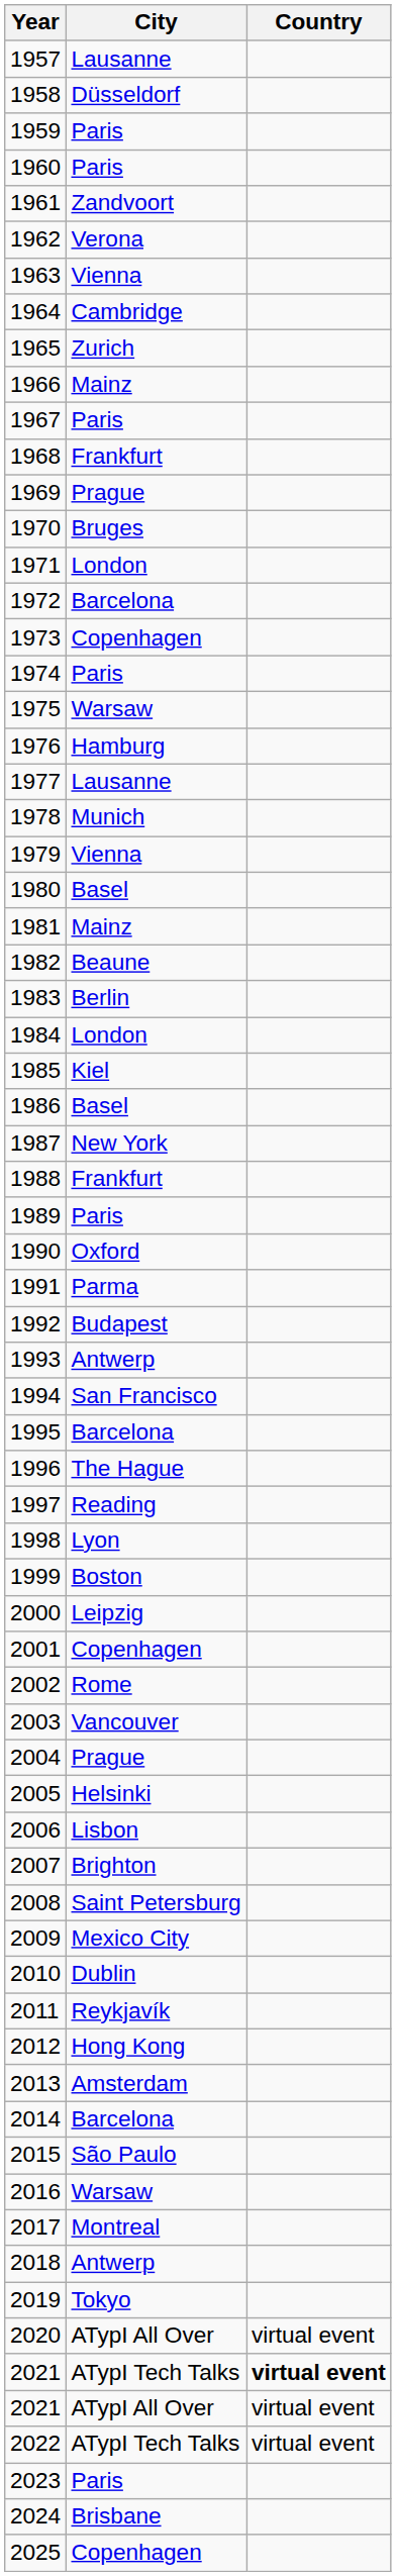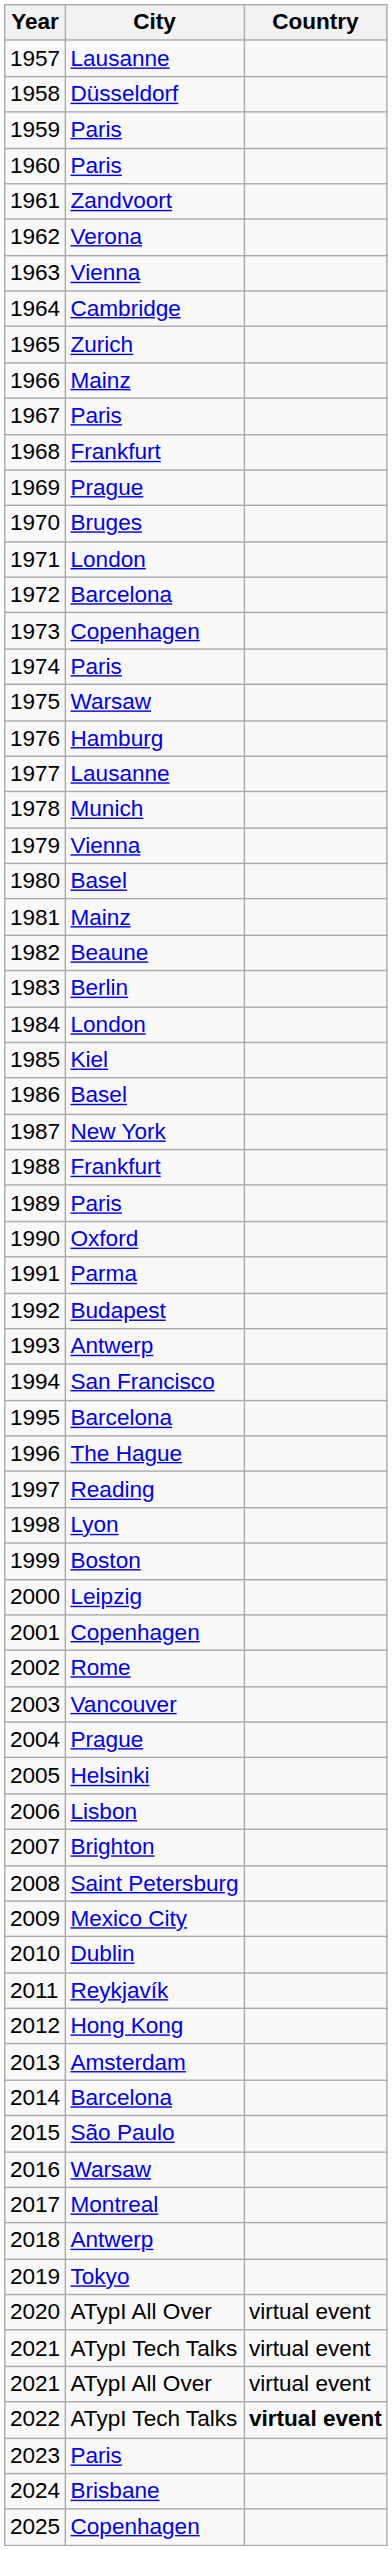 <table class="wikitable sortable" align="center">
 <tr>
 <th>Year</th>
 <th>City</th>
 <th>Country</th>
 </tr>
 <tr>
 <td align="left">1957</td>
 <td><a href='#'>Lausanne</a></td>
 <td></td>
 </tr>
 <tr>
 <td align="left">1958</td>
 <td><a href='#'>Düsseldorf</a></td>
 <td></td>
 </tr>
 <tr>
 <td align="left">1959</td>
 <td><a href='#'>Paris</a></td>
 <td></td>
 </tr>
 <tr>
 <td align="left">1960</td>
 <td><a href='#'>Paris</a></td>
 <td></td>
 </tr>
 <tr>
 <td align="left">1961</td>
 <td><a href='#'>Zandvoort</a></td>
 <td></td>
 </tr>
 <tr>
 <td align="left">1962</td>
 <td><a href='#'>Verona</a></td>
 <td></td>
 </tr>
 <tr>
 <td align="left">1963</td>
 <td><a href='#'>Vienna</a></td>
 <td></td>
 </tr>
 <tr>
 <td align="left">1964</td>
 <td><a href='#'>Cambridge</a></td>
 <td></td>
 </tr>
 <tr>
 <td align="left">1965</td>
 <td><a href='#'>Zurich</a></td>
 <td></td>
 </tr>
 <tr>
 <td align="left">1966</td>
 <td><a href='#'>Mainz</a></td>
 <td></td>
 </tr>
 <tr>
 <td align="left">1967</td>
 <td><a href='#'>Paris</a></td>
 <td></td>
 </tr>
 <tr>
 <td align="left">1968</td>
 <td><a href='#'>Frankfurt</a></td>
 <td></td>
 </tr>
 <tr>
 <td align="left">1969</td>
 <td><a href='#'>Prague</a></td>
 <td></td>
 </tr>
 <tr>
 <td align="left">1970</td>
 <td><a href='#'>Bruges</a></td>
 <td></td>
 </tr>
 <tr>
 <td align="left">1971</td>
 <td><a href='#'>London</a></td>
 <td></td>
 </tr>
 <tr>
 <td align="left">1972</td>
 <td><a href='#'>Barcelona</a></td>
 <td></td>
 </tr>
 <tr>
 <td align="left">1973</td>
 <td><a href='#'>Copenhagen</a></td>
 <td></td>
 </tr>
 <tr>
 <td align="left">1974</td>
 <td><a href='#'>Paris</a></td>
 <td></td>
 </tr>
 <tr>
 <td align="left">1975</td>
 <td><a href='#'>Warsaw</a></td>
 <td></td>
 </tr>
 <tr>
 <td align="left">1976</td>
 <td><a href='#'>Hamburg</a></td>
 <td></td>
 </tr>
 <tr>
 <td align="left">1977</td>
 <td><a href='#'>Lausanne</a></td>
 <td></td>
 </tr>
 <tr>
 <td align="left">1978</td>
 <td><a href='#'>Munich</a></td>
 <td></td>
 </tr>
 <tr>
 <td align="left">1979</td>
 <td><a href='#'>Vienna</a></td>
 <td></td>
 </tr>
 <tr>
 <td align="left">1980</td>
 <td><a href='#'>Basel</a></td>
 <td></td>
 </tr>
 <tr>
 <td align="left">1981</td>
 <td><a href='#'>Mainz</a></td>
 <td></td>
 </tr>
 <tr>
 <td align="left">1982</td>
 <td><a href='#'>Beaune</a></td>
 <td></td>
 </tr>
 <tr>
 <td align="left">1983</td>
 <td><a href='#'>Berlin</a></td>
 <td></td>
 </tr>
 <tr>
 <td align="left">1984</td>
 <td><a href='#'>London</a></td>
 <td></td>
 </tr>
 <tr>
 <td align="left">1985</td>
 <td><a href='#'>Kiel</a></td>
 <td></td>
 </tr>
 <tr>
 <td align="left">1986</td>
 <td><a href='#'>Basel</a></td>
 <td></td>
 </tr>
 <tr>
 <td align="left">1987</td>
 <td><a href='#'>New York</a></td>
 <td></td>
 </tr>
 <tr>
 <td align="left">1988</td>
 <td><a href='#'>Frankfurt</a></td>
 <td></td>
 </tr>
 <tr>
 <td align="left">1989</td>
 <td><a href='#'>Paris</a></td>
 <td></td>
 </tr>
 <tr>
 <td align="left">1990</td>
 <td><a href='#'>Oxford</a></td>
 <td></td>
 </tr>
 <tr>
 <td align="left">1991</td>
 <td><a href='#'>Parma</a></td>
 <td></td>
 </tr>
 <tr>
 <td align="left">1992</td>
 <td><a href='#'>Budapest</a></td>
 <td></td>
 </tr>
 <tr>
 <td align="left">1993</td>
 <td><a href='#'>Antwerp</a></td>
 <td></td>
 </tr>
 <tr>
 <td align="left">1994</td>
 <td><a href='#'>San Francisco</a></td>
 <td></td>
 </tr>
 <tr>
 <td align="left">1995</td>
 <td><a href='#'>Barcelona</a></td>
 <td></td>
 </tr>
 <tr>
 <td align="left">1996</td>
 <td><a href='#'>The Hague</a></td>
 <td></td>
 </tr>
 <tr>
 <td align="left">1997</td>
 <td><a href='#'>Reading</a></td>
 <td></td>
 </tr>
 <tr>
 <td align="left">1998</td>
 <td><a href='#'>Lyon</a></td>
 <td></td>
 </tr>
 <tr>
 <td align="left">1999</td>
 <td><a href='#'>Boston</a></td>
 <td></td>
 </tr>
 <tr>
 <td align="left">2000</td>
 <td><a href='#'>Leipzig</a></td>
 <td></td>
 </tr>
 <tr>
 <td align="left">2001</td>
 <td><a href='#'>Copenhagen</a></td>
 <td></td>
 </tr>
 <tr>
 <td align="left">2002</td>
 <td><a href='#'>Rome</a></td>
 <td></td>
 </tr>
 <tr>
 <td align="left">2003</td>
 <td><a href='#'>Vancouver</a></td>
 <td></td>
 </tr>
 <tr>
 <td align="left">2004</td>
 <td><a href='#'>Prague</a></td>
 <td></td>
 </tr>
 <tr>
 <td align="left">2005</td>
 <td><a href='#'>Helsinki</a></td>
 <td></td>
 </tr>
 <tr>
 <td align="left">2006</td>
 <td><a href='#'>Lisbon</a></td>
 <td></td>
 </tr>
 <tr>
 <td align="left">2007</td>
 <td><a href='#'>Brighton</a></td>
 <td></td>
 </tr>
 <tr>
 <td align="left">2008</td>
 <td><a href='#'>Saint Petersburg</a></td>
 <td></td>
 </tr>
 <tr>
 <td align="left">2009</td>
 <td><a href='#'>Mexico City</a></td>
 <td></td>
 </tr>
 <tr>
 <td align="left">2010</td>
 <td><a href='#'>Dublin</a></td>
 <td></td>
 </tr>
 <tr>
 <td align="left">2011</td>
 <td><a href='#'>Reykjavík</a></td>
 <td></td>
 </tr>
 <tr>
 <td align="left">2012</td>
 <td><a href='#'>Hong Kong</a></td>
 <td></td>
 </tr>
 <tr>
 <td align="left">2013</td>
 <td><a href='#'>Amsterdam</a></td>
 <td></td>
 </tr>
 <tr>
 <td align="left">2014</td>
 <td><a href='#'>Barcelona</a></td>
 <td></td>
 </tr>
 <tr>
 <td align="left">2015</td>
 <td><a href='#'>São Paulo</a></td>
 <td></td>
 </tr>
 <tr>
 <td align="left">2016</td>
 <td><a href='#'>Warsaw</a></td>
 <td></td>
 </tr>
 <tr>
 <td align="left">2017</td>
 <td><a href='#'>Montreal</a></td>
 <td></td>
 </tr>
 <tr>
 <td align="left">2018</td>
 <td><a href='#'>Antwerp</a></td>
 <td></td>
 </tr>
 <tr>
 <td align="left">2019</td>
 <td><a href='#'>Tokyo</a></td>
 <td></td>
 </tr>
 <tr>
 <td align="left">2020</td>
 <td>ATypI All Over</td>
 <td>virtual event</td>
 </tr>
 <tr>
 <td align="left">2021</td>
 <td>ATypI Tech Talks</td>
-<td><strong>virtual event</strong></td>
+<td>virtual event</td>
 </tr>
 <tr>
 <td align="left">2021</td>
 <td>ATypI All Over</td>
 <td>virtual event</td>
 </tr>
 <tr>
 <td align="left">2022</td>
 <td>ATypI Tech Talks</td>
-<td>virtual event</td>
+<td><strong>virtual event</strong></td>
 </tr>
 <tr>
 <td align="left">2023</td>
 <td><a href='#'>Paris</a></td>
 <td></td>
 </tr>
 <tr>
 <td align="left">2024</td>
 <td><a href='#'>Brisbane</a></td>
 <td></td>
 </tr>
 <tr>
 <td align="left">2025</td>
 <td><a href='#'>Copenhagen</a></td>
 <td></td>
 </tr>
 </table>
